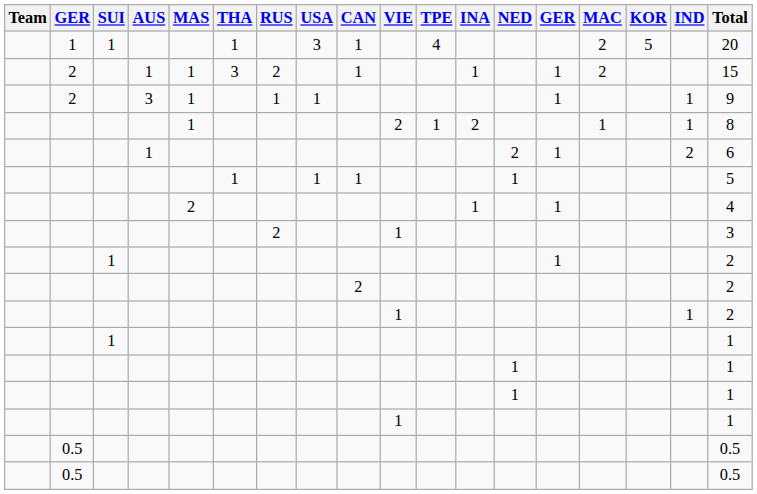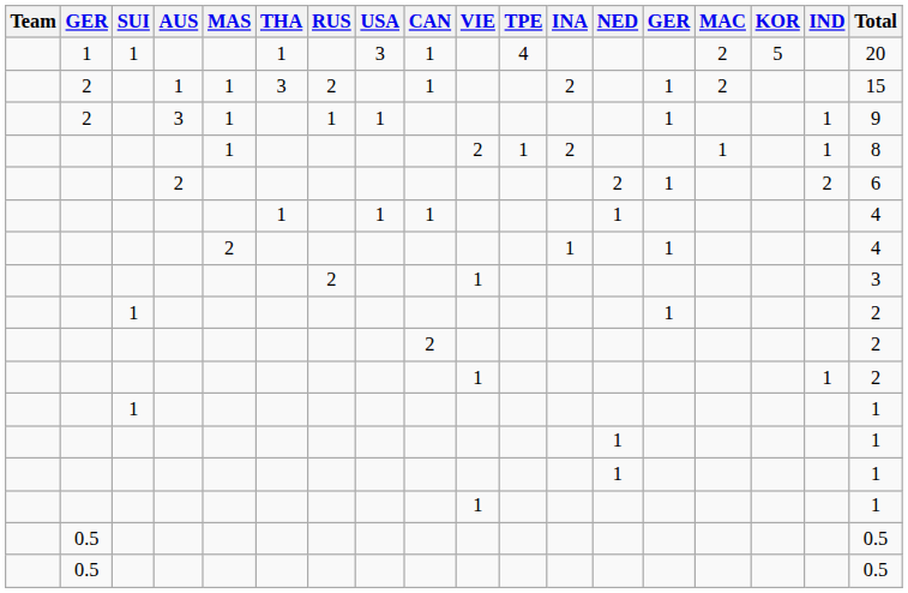 <table class=wikitable style="font-size:85%; text-align:center">
 <tr>
 <th>Team</th>
 <th><a href='#'>GER</a></th>
 <th><a href='#'>SUI</a></th>
 <th><a href='#'>AUS</a></th>
 <th><a href='#'>MAS</a></th>
 <th><a href='#'>THA</a></th>
 <th><a href='#'>RUS</a></th>
 <th><a href='#'>USA</a></th>
 <th><a href='#'>CAN</a></th>
 <th><a href='#'>VIE</a></th>
 <th><a href='#'>TPE</a></th>
 <th><a href='#'>INA</a></th>
 <th><a href='#'>NED</a></th>
 <th><a href='#'>GER</a></th>
 <th><a href='#'>MAC</a></th>
 <th><a href='#'>KOR</a></th>
 <th><a href='#'>IND</a></th>
 <th>Total</th>
 </tr>
 <tr>
 <td align=left></td>
 <td>1</td>
 <td>1</td>
 <td></td>
 <td></td>
 <td>1</td>
 <td></td>
 <td>3</td>
 <td>1</td>
 <td></td>
 <td>4</td>
 <td></td>
 <td></td>
 <td></td>
 <td>2</td>
 <td>5</td>
 <td></td>
 <td>20</td>
 </tr>
 <tr>
 <td align=left></td>
 <td>2</td>
 <td></td>
 <td>1</td>
 <td>1</td>
 <td>3</td>
 <td>2</td>
 <td></td>
 <td>1</td>
 <td></td>
 <td></td>
-<td>1</td>
+<td>2</td>
 <td></td>
 <td>1</td>
 <td>2</td>
 <td></td>
 <td></td>
 <td>15</td>
 </tr>
 <tr>
 <td align=left></td>
 <td>2</td>
 <td></td>
 <td>3</td>
 <td>1</td>
 <td></td>
 <td>1</td>
 <td>1</td>
 <td></td>
 <td></td>
 <td></td>
 <td></td>
 <td></td>
 <td>1</td>
 <td></td>
 <td></td>
 <td>1</td>
 <td>9</td>
 </tr>
 <tr>
 <td align=left></td>
 <td></td>
 <td></td>
 <td></td>
 <td>1</td>
 <td></td>
 <td></td>
 <td></td>
 <td></td>
 <td>2</td>
 <td>1</td>
 <td>2</td>
 <td></td>
 <td></td>
 <td>1</td>
 <td></td>
 <td>1</td>
 <td>8</td>
 </tr>
 <tr>
 <td align=left></td>
 <td></td>
 <td></td>
-<td>1</td>
+<td>2</td>
 <td></td>
 <td></td>
 <td></td>
 <td></td>
 <td></td>
 <td></td>
 <td></td>
 <td></td>
 <td>2</td>
 <td>1</td>
 <td></td>
 <td></td>
 <td>2</td>
 <td>6</td>
 </tr>
 <tr>
 <td align=left></td>
 <td></td>
 <td></td>
 <td></td>
 <td></td>
 <td>1</td>
 <td></td>
 <td>1</td>
 <td>1</td>
 <td></td>
 <td></td>
 <td></td>
 <td>1</td>
 <td></td>
 <td></td>
 <td></td>
 <td></td>
-<td>5</td>
+<td>4</td>
 </tr>
 <tr>
 <td align=left></td>
 <td></td>
 <td></td>
 <td></td>
 <td>2</td>
 <td></td>
 <td></td>
 <td></td>
 <td></td>
 <td></td>
 <td></td>
 <td>1</td>
 <td></td>
 <td>1</td>
 <td></td>
 <td></td>
 <td></td>
 <td>4</td>
 </tr>
 <tr>
 <td align=left></td>
 <td></td>
 <td></td>
 <td></td>
 <td></td>
 <td></td>
 <td>2</td>
 <td></td>
 <td></td>
 <td>1</td>
 <td></td>
 <td></td>
 <td></td>
 <td></td>
 <td></td>
 <td></td>
 <td></td>
 <td>3</td>
 </tr>
 <tr>
 <td align=left></td>
 <td></td>
 <td>1</td>
 <td></td>
 <td></td>
 <td></td>
 <td></td>
 <td></td>
 <td></td>
 <td></td>
 <td></td>
 <td></td>
 <td></td>
 <td>1</td>
 <td></td>
 <td></td>
 <td></td>
 <td>2</td>
 </tr>
 <tr>
 <td align=left></td>
 <td></td>
 <td></td>
 <td></td>
 <td></td>
 <td></td>
 <td></td>
 <td></td>
 <td>2</td>
 <td></td>
 <td></td>
 <td></td>
 <td></td>
 <td></td>
 <td></td>
 <td></td>
 <td></td>
 <td>2</td>
 </tr>
 <tr>
 <td align=left></td>
 <td></td>
 <td></td>
 <td></td>
 <td></td>
 <td></td>
 <td></td>
 <td></td>
 <td></td>
 <td>1</td>
 <td></td>
 <td></td>
 <td></td>
 <td></td>
 <td></td>
 <td></td>
 <td>1</td>
 <td>2</td>
 </tr>
 <tr>
 <td align=left></td>
 <td></td>
 <td>1</td>
 <td></td>
 <td></td>
 <td></td>
 <td></td>
 <td></td>
 <td></td>
 <td></td>
 <td></td>
 <td></td>
 <td></td>
 <td></td>
 <td></td>
 <td></td>
 <td></td>
 <td>1</td>
 </tr>
 <tr>
 <td align=left></td>
 <td></td>
 <td></td>
 <td></td>
 <td></td>
 <td></td>
 <td></td>
 <td></td>
 <td></td>
 <td></td>
 <td></td>
 <td></td>
 <td>1</td>
 <td></td>
 <td></td>
 <td></td>
 <td></td>
 <td>1</td>
 </tr>
 <tr>
 <td align=left></td>
 <td></td>
 <td></td>
 <td></td>
 <td></td>
 <td></td>
 <td></td>
 <td></td>
 <td></td>
 <td></td>
 <td></td>
 <td></td>
 <td>1</td>
 <td></td>
 <td></td>
 <td></td>
 <td></td>
 <td>1</td>
 </tr>
 <tr>
 <td align=left></td>
 <td></td>
 <td></td>
 <td></td>
 <td></td>
 <td></td>
 <td></td>
 <td></td>
 <td></td>
 <td>1</td>
 <td></td>
 <td></td>
 <td></td>
 <td></td>
 <td></td>
 <td></td>
 <td></td>
 <td>1</td>
 </tr>
 <tr>
 <td align=left></td>
 <td>0.5</td>
 <td></td>
 <td></td>
 <td></td>
 <td></td>
 <td></td>
 <td></td>
 <td></td>
 <td></td>
 <td></td>
 <td></td>
 <td></td>
 <td></td>
 <td></td>
 <td></td>
 <td></td>
 <td>0.5</td>
 </tr>
 <tr>
 <td align=left></td>
 <td>0.5</td>
 <td></td>
 <td></td>
 <td></td>
 <td></td>
 <td></td>
 <td></td>
 <td></td>
 <td></td>
 <td></td>
 <td></td>
 <td></td>
 <td></td>
 <td></td>
 <td></td>
 <td></td>
 <td>0.5</td>
 </tr>
 </table>
